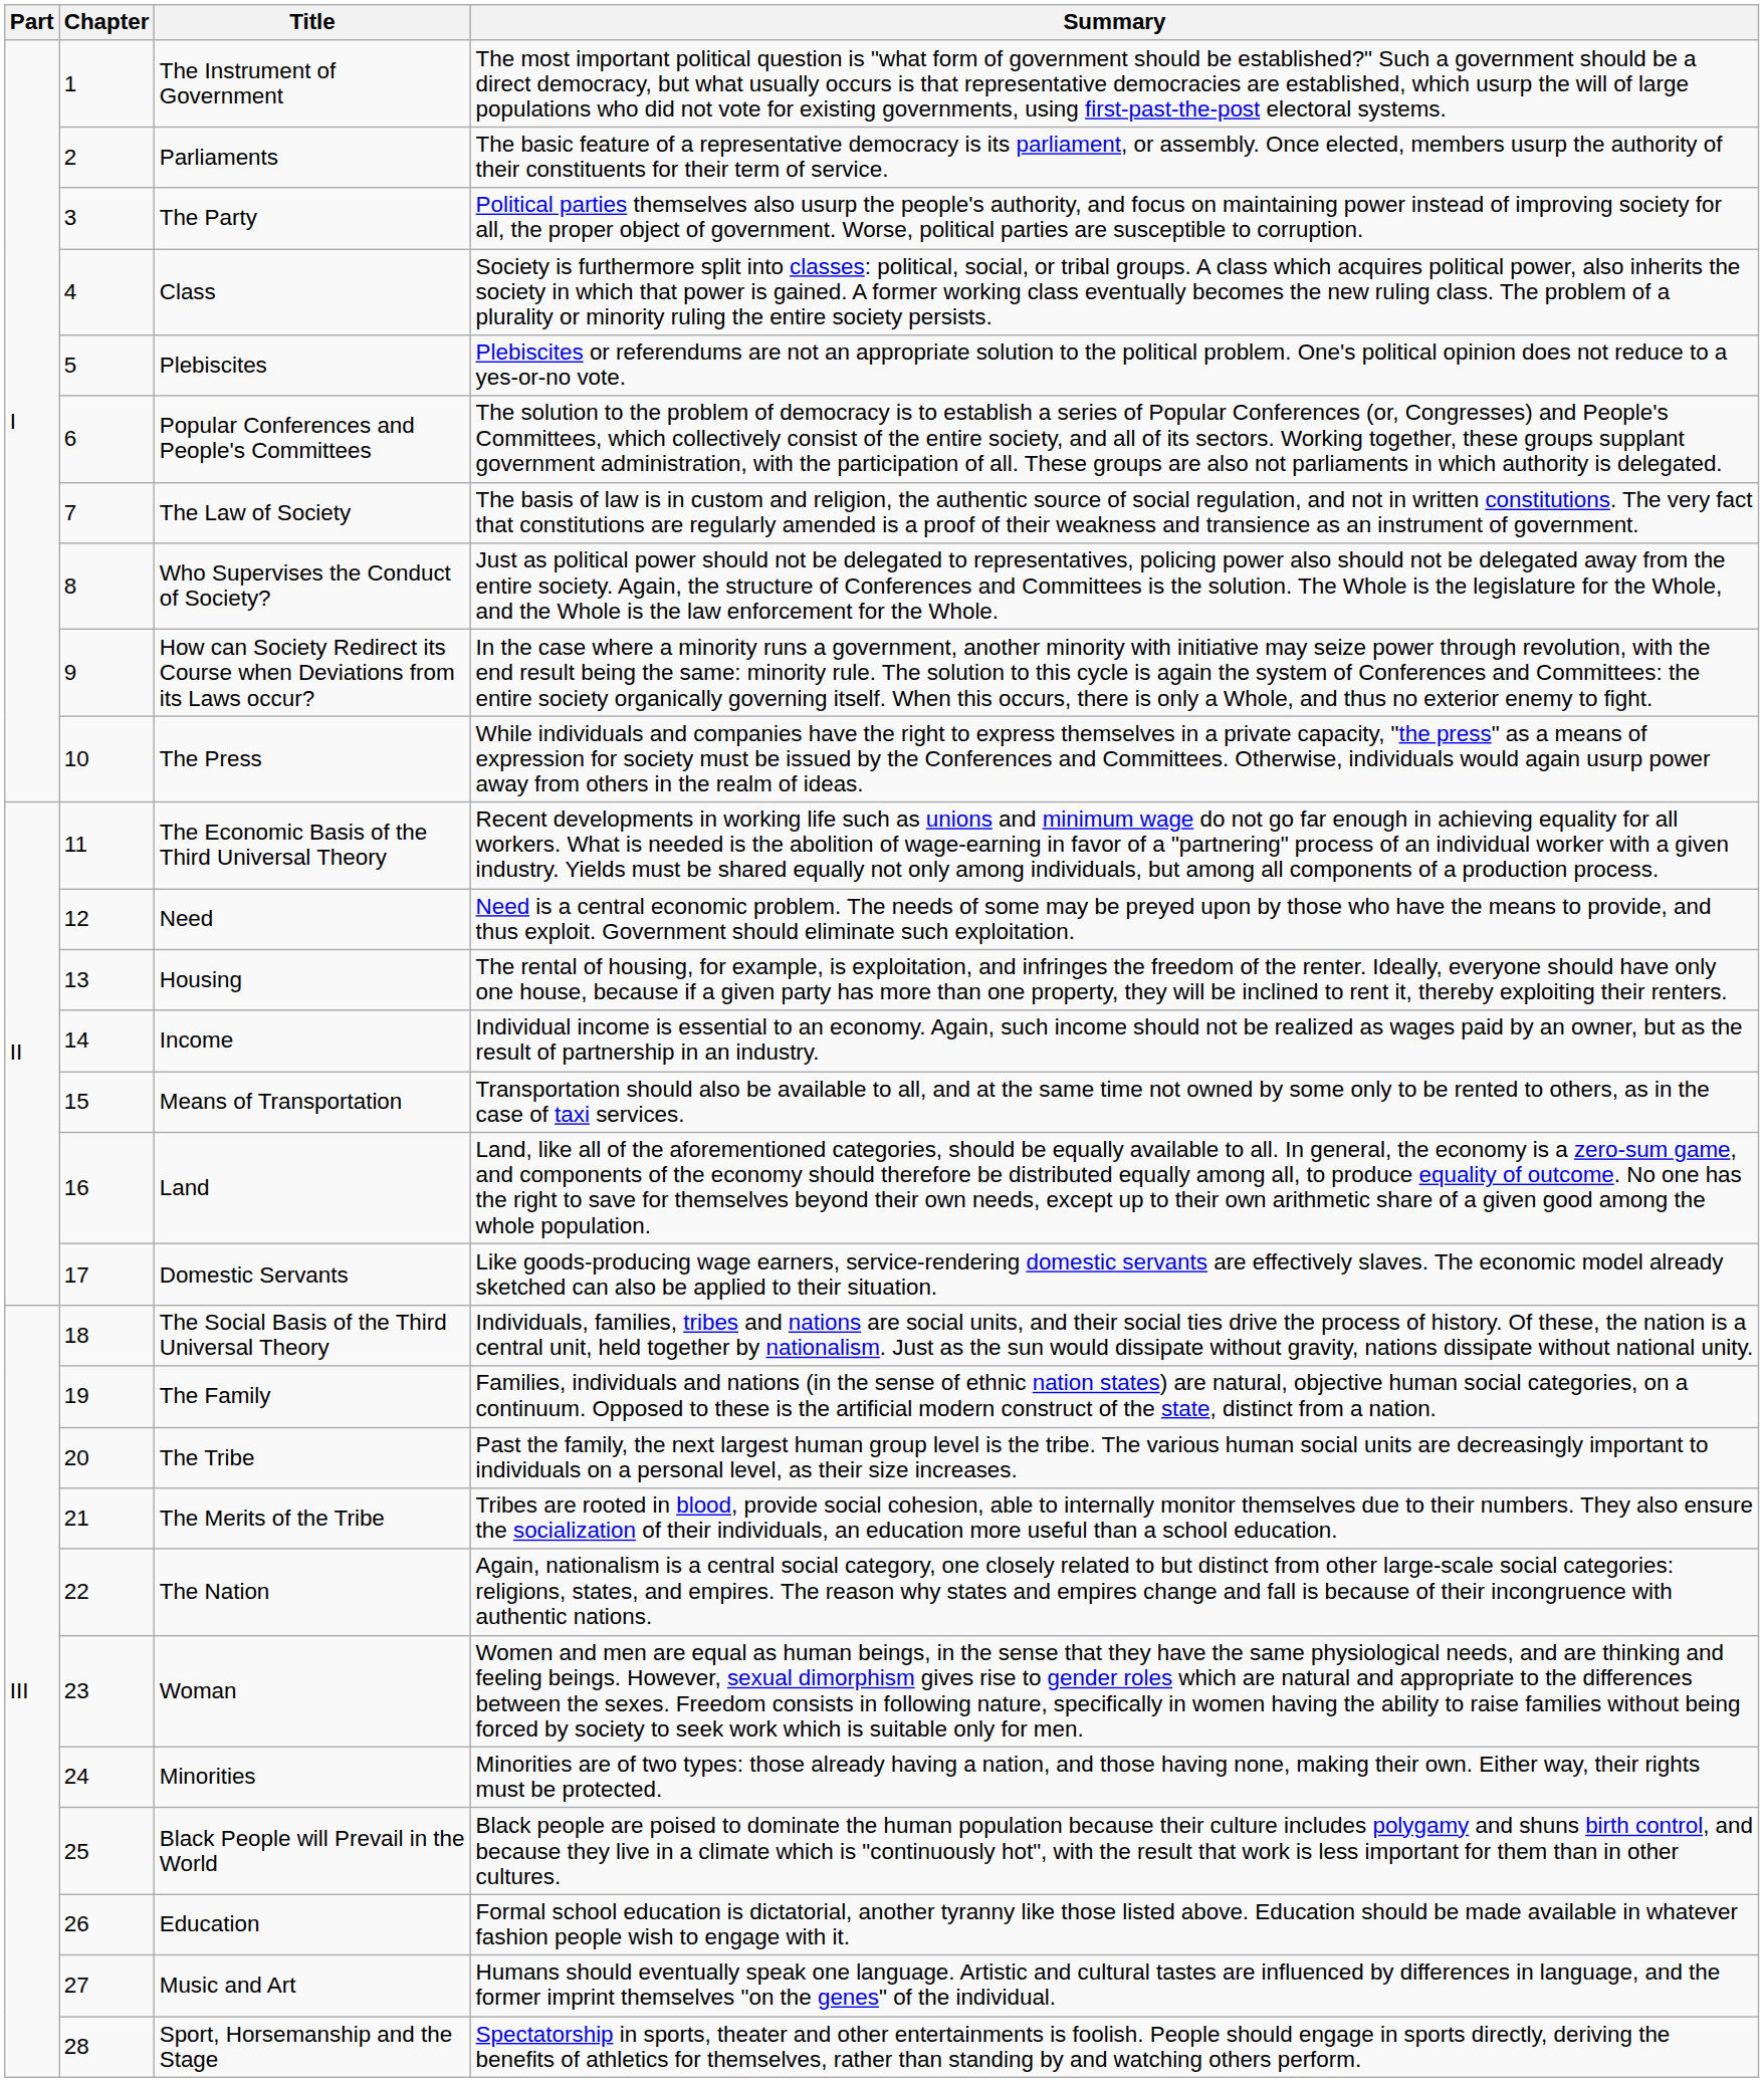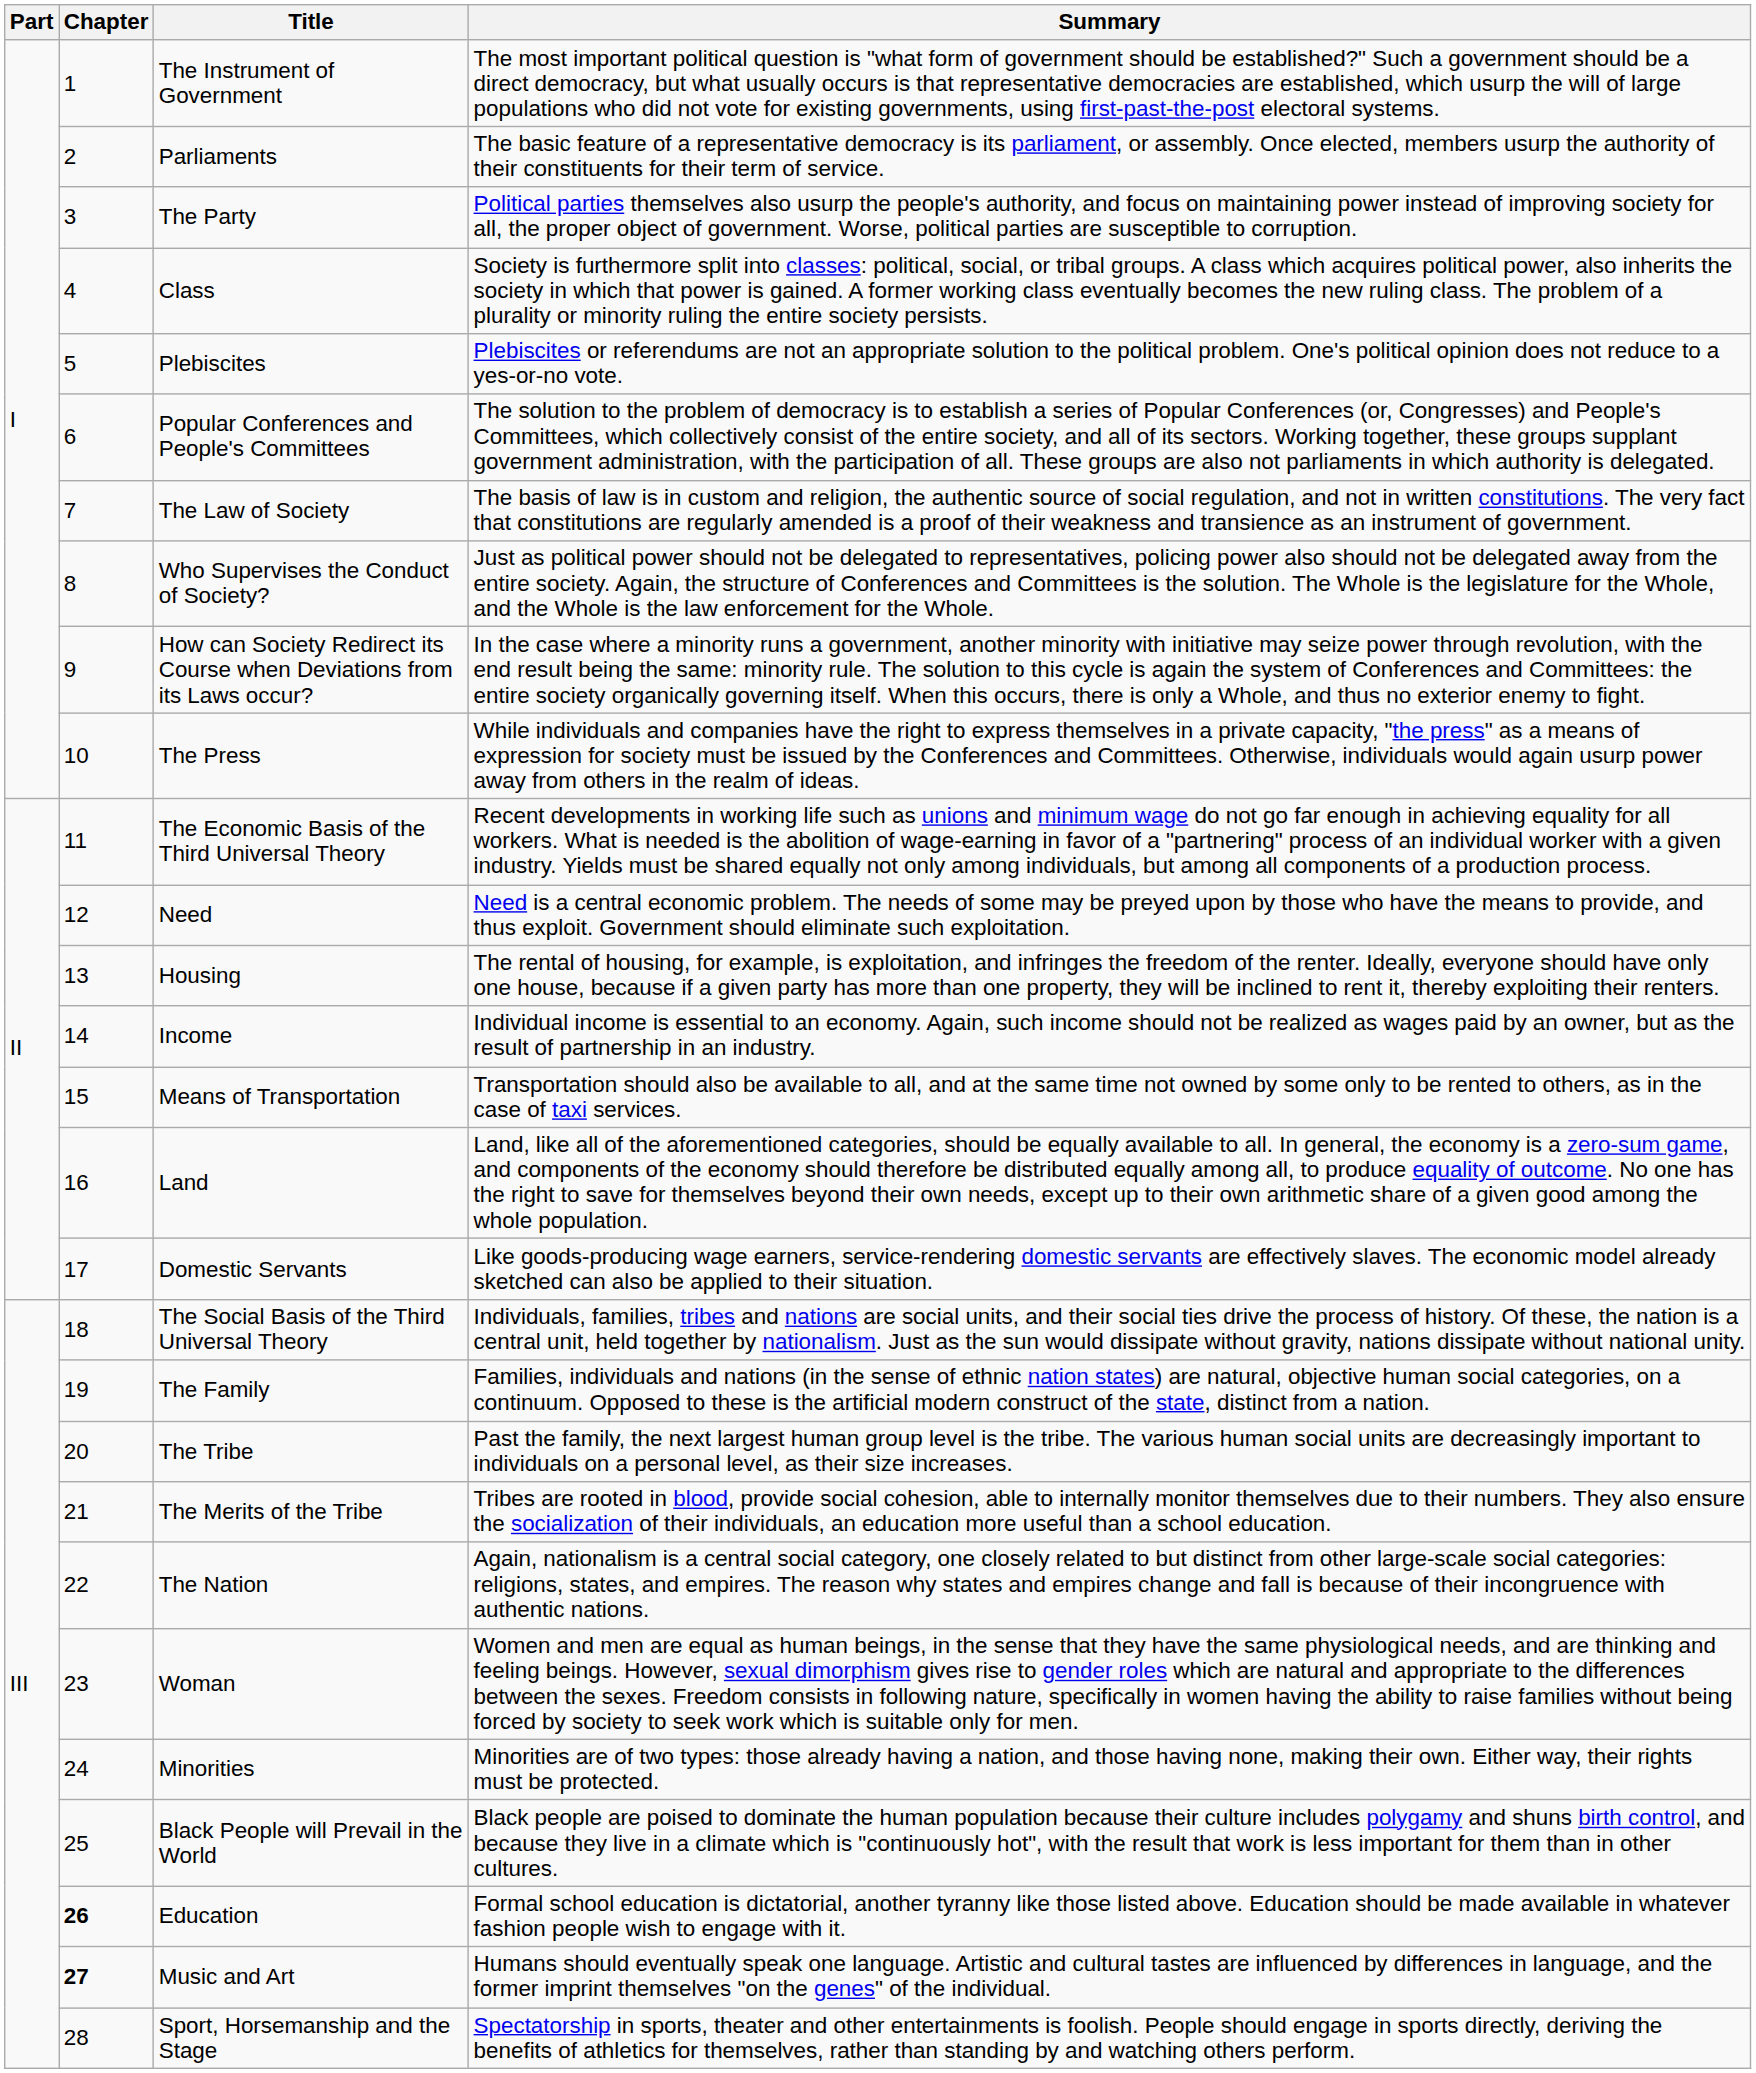 <table class="wikitable">
 <tr>
 <th>Part</th>
 <th>Chapter</th>
 <th>Title</th>
 <th>Summary</th>
 </tr>
 <tr>
 <td rowspan="10">I</td>
 <td>1</td>
 <td>The Instrument of Government</td>
 <td>The most important political question is "what form of government should be established?" Such a government should be a direct democracy, but what usually occurs is that representative democracies are established, which usurp the will of large populations who did not vote for existing governments, using <a href='#'>first-past-the-post</a> electoral systems.</td>
 </tr>
 <tr>
 <td>2</td>
 <td>Parliaments</td>
 <td>The basic feature of a representative democracy is its <a href='#'>parliament</a>, or assembly.  Once elected, members usurp the authority of their constituents for their term of service.</td>
 </tr>
 <tr>
 <td>3</td>
 <td>The Party</td>
 <td><a href='#'>Political parties</a> themselves also usurp the people's authority, and focus on maintaining power instead of improving society for all, the proper object of government.  Worse, political parties are susceptible to corruption.</td>
 </tr>
 <tr>
 <td>4</td>
 <td>Class</td>
 <td>Society is furthermore split into <a href='#'>classes</a>: political, social, or tribal groups.  A class which acquires political power, also inherits the society in which that power is gained.  A former working class eventually becomes the new ruling class.  The problem of a plurality or minority ruling the entire society persists.</td>
 </tr>
 <tr>
 <td>5</td>
 <td>Plebiscites</td>
 <td><a href='#'>Plebiscites</a> or referendums are not an appropriate solution to the political problem.  One's political opinion does not reduce to a yes-or-no vote.</td>
 </tr>
 <tr>
 <td>6</td>
 <td>Popular Conferences and People's Committees</td>
 <td>The solution to the problem of democracy is to establish a series of Popular Conferences (or, Congresses) and People's Committees, which collectively consist of the entire society, and all of its sectors.  Working together, these groups supplant government administration, with the participation of all.  These groups are also not parliaments in which authority is delegated.</td>
 </tr>
 <tr>
 <td>7</td>
 <td>The Law of Society</td>
 <td>The basis of law is in custom and religion, the authentic source of social regulation, and not in written <a href='#'>constitutions</a>.  The very fact that constitutions are regularly amended is a proof of their weakness and transience as an instrument of government.</td>
 </tr>
 <tr>
 <td>8</td>
 <td>Who Supervises the Conduct of Society?</td>
 <td>Just as political power should not be delegated to representatives, policing power also should not be delegated away from the entire society.  Again, the structure of Conferences and Committees is the solution.  The Whole is the legislature for the Whole, and the Whole is the law enforcement for the Whole.</td>
 </tr>
 <tr>
 <td>9</td>
 <td>How can Society Redirect its Course when Deviations from its Laws occur?</td>
 <td>In the case where a minority runs a government, another minority with initiative may seize power through revolution, with the end result being the same: minority rule.  The solution to this cycle is again the system of Conferences and Committees: the entire society organically governing itself.  When this occurs, there is only a Whole, and thus no exterior enemy to fight.</td>
 </tr>
 <tr>
 <td>10</td>
 <td>The Press</td>
 <td>While individuals and companies have the right to express themselves in a private capacity, "<a href='#'>the press</a>" as a means of expression for society must be issued by the Conferences and Committees.  Otherwise, individuals would again usurp power away from others in the realm of ideas.</td>
 </tr>
 <tr>
 <td rowspan="7">II</td>
 <td>11</td>
 <td>The Economic Basis of the Third Universal Theory</td>
 <td>Recent developments in working life such as <a href='#'>unions</a> and <a href='#'>minimum wage</a> do not go far enough in achieving equality for all workers.  What is needed is the abolition of wage-earning in favor of a "partnering" process of an individual worker with a given industry.  Yields must be shared equally not only among individuals, but among all components of a production process.</td>
 </tr>
 <tr>
 <td>12</td>
 <td>Need</td>
 <td><a href='#'>Need</a> is a central economic problem.  The needs of some may be preyed upon by those who have the means to provide, and thus exploit.  Government should eliminate such exploitation.</td>
 </tr>
 <tr>
 <td>13</td>
 <td>Housing</td>
 <td>The rental of housing, for example, is exploitation, and infringes the freedom of the renter.  Ideally, everyone should have only one house, because if a given party has more than one property, they will be inclined to rent it, thereby exploiting their renters.</td>
 </tr>
 <tr>
 <td>14</td>
 <td>Income</td>
 <td>Individual income is essential to an economy.  Again, such income should not be realized as wages paid by an owner, but as the result of partnership in an industry.</td>
 </tr>
 <tr>
 <td>15</td>
 <td>Means of Transportation</td>
 <td>Transportation should also be available to all, and at the same time not owned by some only to be rented to others, as in the case of <a href='#'>taxi</a> services.</td>
 </tr>
 <tr>
 <td>16</td>
 <td>Land</td>
 <td>Land, like all of the aforementioned categories, should be equally available to all.  In general, the economy is a <a href='#'>zero-sum game</a>, and components of the economy should therefore be distributed equally among all, to produce <a href='#'>equality of outcome</a>.  No one has the right to save for themselves beyond their own needs, except up to their own arithmetic share of a given good among the whole population.</td>
 </tr>
 <tr>
 <td>17</td>
 <td>Domestic Servants</td>
 <td>Like goods-producing wage earners, service-rendering <a href='#'>domestic servants</a> are effectively slaves.  The economic model already sketched can also be applied to their situation.</td>
 </tr>
 <tr>
 <td rowspan="11">III</td>
 <td>18</td>
 <td>The Social Basis of the Third Universal Theory</td>
 <td>Individuals, families, <a href='#'>tribes</a> and <a href='#'>nations</a> are social units, and their social ties drive the process of history.  Of these, the nation is a central unit, held together by <a href='#'>nationalism</a>.  Just as the sun would dissipate without gravity, nations dissipate without national unity.</td>
 </tr>
 <tr>
 <td>19</td>
 <td>The Family</td>
 <td>Families, individuals and nations (in the sense of ethnic <a href='#'>nation states</a>) are natural, objective human social categories, on a continuum.  Opposed to these is the artificial modern construct of the <a href='#'>state</a>, distinct from a nation.</td>
 </tr>
 <tr>
 <td>20</td>
 <td>The Tribe</td>
 <td>Past the family, the next largest human group level is the tribe.  The various human social units are decreasingly important to individuals on a personal level, as their size increases.</td>
 </tr>
 <tr>
 <td>21</td>
 <td>The Merits of the Tribe</td>
 <td>Tribes are rooted in <a href='#'>blood</a>, provide social cohesion, able to internally monitor themselves due to their numbers.  They also ensure the <a href='#'>socialization</a> of their individuals, an education more useful than a school education.</td>
 </tr>
 <tr>
 <td>22</td>
 <td>The Nation</td>
 <td>Again, nationalism is a central social category, one closely related to but distinct from other large-scale social categories: religions, states, and empires.  The reason why states and empires change and fall is because of their incongruence with authentic nations.</td>
 </tr>
 <tr>
 <td>23</td>
 <td>Woman</td>
 <td>Women and men are equal as human beings, in the sense that they have the same physiological needs, and are thinking and feeling beings.  However, <a href='#'>sexual dimorphism</a> gives rise to <a href='#'>gender roles</a> which are natural and appropriate to the differences between the sexes.  Freedom consists in following nature, specifically in women having the ability to raise families without being forced by society to seek work which is suitable only for men.</td>
 </tr>
 <tr>
 <td>24</td>
 <td>Minorities</td>
 <td>Minorities are of two types: those already having a nation, and those having none, making their own.  Either way, their rights must be protected.</td>
 </tr>
 <tr>
 <td>25</td>
 <td>Black People will Prevail in the World</td>
 <td>Black people are poised to dominate the human population because their culture includes <a href='#'>polygamy</a> and shuns <a href='#'>birth control</a>, and because they live in a climate which is "continuously hot", with the result that work is less important for them than in other cultures.</td>
 </tr>
 <tr>
-<td>26</td>
+<td><strong>26</strong></td>
 <td>Education</td>
 <td>Formal school education is dictatorial, another tyranny like those listed above.  Education should be made available in whatever fashion people wish to engage with it.</td>
 </tr>
 <tr>
-<td>27</td>
+<td><strong>27</strong></td>
 <td>Music and Art</td>
 <td>Humans should eventually speak one language.  Artistic and cultural tastes are influenced by differences in language, and the former imprint themselves "on the <a href='#'>genes</a>" of the individual.</td>
 </tr>
 <tr>
 <td>28</td>
 <td>Sport, Horsemanship and the Stage</td>
 <td><a href='#'>Spectatorship</a> in sports, theater and other entertainments is foolish.  People should engage in sports directly, deriving the benefits of athletics for themselves, rather than standing by and watching others perform.</td>
 </tr>
 </table>
